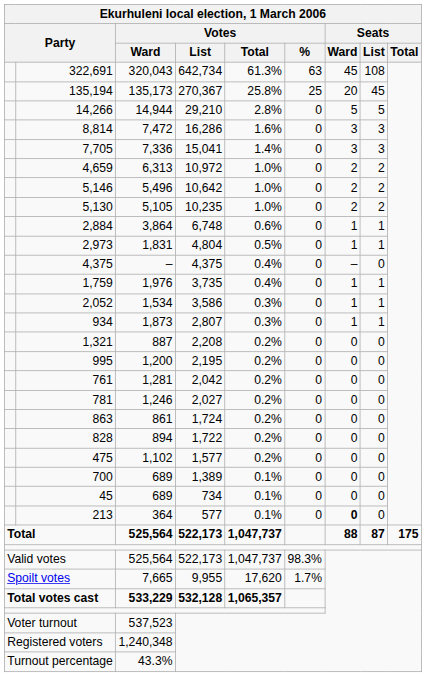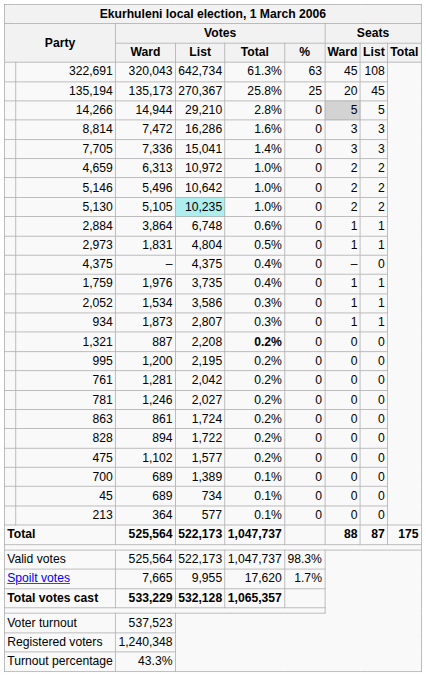 <table class=wikitable style="text-align:right">
 <tr>
 <th colspan="9" align="center">Ekurhuleni local election, 1 March 2006</th>
 </tr>
 <tr>
 <th rowspan="2" colspan="2">Party</th>
 <th colspan="4" align="center">Votes</th>
 <th colspan="3" align="center">Seats</th>
 </tr>
 <tr>
 <th>Ward</th>
 <th>List</th>
 <th>Total</th>
 <th>%</th>
 <th>Ward</th>
 <th>List</th>
 <th>Total</th>
 </tr>
 <tr>
 <td></td>
 <td>322,691</td>
 <td>320,043</td>
 <td>642,734</td>
 <td>61.3%</td>
 <td>63</td>
 <td>45</td>
 <td>108</td>
 </tr>
 <tr>
 <td></td>
 <td>135,194</td>
 <td>135,173</td>
 <td>270,367</td>
 <td>25.8%</td>
 <td>25</td>
 <td>20</td>
 <td>45</td>
 </tr>
 <tr>
 <td></td>
 <td>14,266</td>
 <td>14,944</td>
 <td>29,210</td>
 <td>2.8%</td>
 <td>0</td>
-<td>5</td>
+<td style="background: lightgrey;">5</td>
 <td>5</td>
 </tr>
 <tr>
 <td></td>
 <td>8,814</td>
 <td>7,472</td>
 <td>16,286</td>
 <td>1.6%</td>
 <td>0</td>
 <td>3</td>
 <td>3</td>
 </tr>
 <tr>
 <td></td>
 <td>7,705</td>
 <td>7,336</td>
 <td>15,041</td>
 <td>1.4%</td>
 <td>0</td>
 <td>3</td>
 <td>3</td>
 </tr>
 <tr>
 <td></td>
 <td>4,659</td>
 <td>6,313</td>
 <td>10,972</td>
 <td>1.0%</td>
 <td>0</td>
 <td>2</td>
 <td>2</td>
 </tr>
 <tr>
 <td></td>
 <td>5,146</td>
 <td>5,496</td>
 <td>10,642</td>
 <td>1.0%</td>
 <td>0</td>
 <td>2</td>
 <td>2</td>
 </tr>
 <tr>
 <td></td>
 <td>5,130</td>
 <td>5,105</td>
-<td>10,235</td>
+<td style="background: paleturquoise;">10,235</td>
 <td>1.0%</td>
 <td>0</td>
 <td>2</td>
 <td>2</td>
 </tr>
 <tr>
 <td></td>
 <td>2,884</td>
 <td>3,864</td>
 <td>6,748</td>
 <td>0.6%</td>
 <td>0</td>
 <td>1</td>
 <td>1</td>
 </tr>
 <tr>
 <td></td>
 <td>2,973</td>
 <td>1,831</td>
 <td>4,804</td>
 <td>0.5%</td>
 <td>0</td>
 <td>1</td>
 <td>1</td>
 </tr>
 <tr>
 <td></td>
 <td>4,375</td>
 <td>–</td>
 <td>4,375</td>
 <td>0.4%</td>
 <td>0</td>
 <td>–</td>
 <td>0</td>
 </tr>
 <tr>
 <td></td>
 <td>1,759</td>
 <td>1,976</td>
 <td>3,735</td>
 <td>0.4%</td>
 <td>0</td>
 <td>1</td>
 <td>1</td>
 </tr>
 <tr>
 <td></td>
 <td>2,052</td>
 <td>1,534</td>
 <td>3,586</td>
 <td>0.3%</td>
 <td>0</td>
 <td>1</td>
 <td>1</td>
 </tr>
 <tr>
 <td></td>
 <td>934</td>
 <td>1,873</td>
 <td>2,807</td>
 <td>0.3%</td>
 <td>0</td>
 <td>1</td>
 <td>1</td>
 </tr>
 <tr>
 <td></td>
 <td>1,321</td>
 <td>887</td>
 <td>2,208</td>
-<td>0.2%</td>
+<td><strong>0.2%</strong></td>
 <td>0</td>
 <td>0</td>
 <td>0</td>
 </tr>
 <tr>
 <td></td>
 <td>995</td>
 <td>1,200</td>
 <td>2,195</td>
 <td>0.2%</td>
 <td>0</td>
 <td>0</td>
 <td>0</td>
 </tr>
 <tr>
 <td></td>
 <td>761</td>
 <td>1,281</td>
 <td>2,042</td>
 <td>0.2%</td>
 <td>0</td>
 <td>0</td>
 <td>0</td>
 </tr>
 <tr>
 <td></td>
 <td>781</td>
 <td>1,246</td>
 <td>2,027</td>
 <td>0.2%</td>
 <td>0</td>
 <td>0</td>
 <td>0</td>
 </tr>
 <tr>
 <td></td>
 <td>863</td>
 <td>861</td>
 <td>1,724</td>
 <td>0.2%</td>
 <td>0</td>
 <td>0</td>
 <td>0</td>
 </tr>
 <tr>
 <td></td>
 <td>828</td>
 <td>894</td>
 <td>1,722</td>
 <td>0.2%</td>
 <td>0</td>
 <td>0</td>
 <td>0</td>
 </tr>
 <tr>
 <td></td>
 <td>475</td>
 <td>1,102</td>
 <td>1,577</td>
 <td>0.2%</td>
 <td>0</td>
 <td>0</td>
 <td>0</td>
 </tr>
 <tr>
 <td></td>
 <td>700</td>
 <td>689</td>
 <td>1,389</td>
 <td>0.1%</td>
 <td>0</td>
 <td>0</td>
 <td>0</td>
 </tr>
 <tr>
 <td></td>
 <td>45</td>
 <td>689</td>
 <td>734</td>
 <td>0.1%</td>
 <td>0</td>
 <td>0</td>
 <td>0</td>
 </tr>
 <tr>
 <td></td>
 <td>213</td>
 <td>364</td>
 <td>577</td>
 <td>0.1%</td>
 <td>0</td>
-<td><strong>0</strong></td>
+<td>0</td>
 <td>0</td>
 </tr>
 <tr>
 <td colspan="2" style="text-align:left"><strong>Total</strong></td>
 <td><strong>525,564</strong></td>
 <td><strong>522,173</strong></td>
 <td><strong>1,047,737</strong></td>
 <td></td>
 <td><strong>88</strong></td>
 <td><strong>87</strong></td>
 <td><strong>175</strong></td>
 </tr>
 <tr>
 <td colspan="9"></td>
 </tr>
 <tr>
 <td colspan="2" style="text-align:left">Valid votes</td>
 <td>525,564</td>
 <td>522,173</td>
 <td>1,047,737</td>
 <td>98.3%</td>
 </tr>
 <tr>
 <td colspan="2" style="text-align:left"><a href='#'>Spoilt votes</a></td>
 <td>7,665</td>
 <td>9,955</td>
 <td>17,620</td>
 <td>1.7%</td>
 </tr>
 <tr>
 <td colspan="2" style="text-align:left"><strong>Total votes cast</strong></td>
 <td><strong>533,229</strong></td>
 <td><strong>532,128</strong></td>
 <td><strong>1,065,357</strong></td>
 <td></td>
 </tr>
 <tr>
 <td colspan="6"></td>
 </tr>
 <tr>
 <td colspan="2" style="text-align:left">Voter turnout</td>
 <td>537,523</td>
 </tr>
 <tr>
 <td colspan="2" style="text-align:left">Registered voters</td>
 <td>1,240,348</td>
 </tr>
 <tr>
 <td colspan="2" style="text-align:left">Turnout percentage</td>
 <td>43.3%</td>
 </tr>
 </table>
